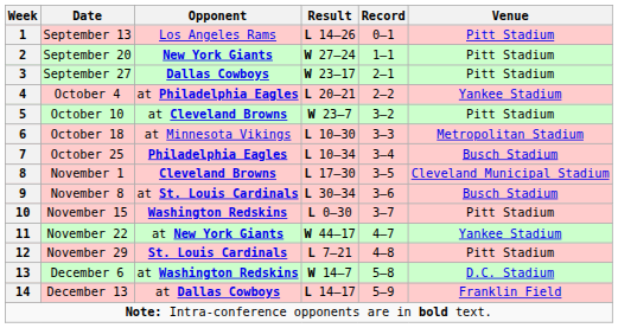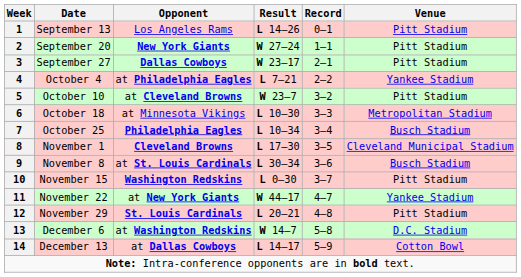 <table class="wikitable" style="text-align:center">
 <tr>
 <th>Week</th>
 <th>Date</th>
 <th>Opponent</th>
 <th>Result</th>
 <th>Record</th>
 <th>Venue</th>
 </tr>
 <tr style="background:#fcc">
 <th>1</th>
 <td>September 13</td>
 <td><a href='#'>Los Angeles Rams</a></td>
 <td><strong>L</strong> 14–26</td>
 <td>0–1</td>
 <td><a href='#'>Pitt Stadium</a></td>
 </tr>
 <tr style="background:#cfc">
 <th>2</th>
 <td>September 20</td>
 <td><strong><a href='#'>New York Giants</a></strong></td>
 <td><strong>W</strong> 27–24</td>
 <td>1–1</td>
 <td>Pitt Stadium</td>
 </tr>
 <tr style="background:#cfc">
 <th>3</th>
 <td>September 27</td>
 <td><strong><a href='#'>Dallas Cowboys</a></strong></td>
 <td><strong>W</strong> 23–17</td>
 <td>2–1</td>
 <td>Pitt Stadium</td>
 </tr>
 <tr style="background:#fcc">
 <th>4</th>
 <td>October 4</td>
 <td>at <strong><a href='#'>Philadelphia Eagles</a></strong></td>
-<td><strong>L</strong> 20–21</td>
+<td><strong>L</strong> 7–21</td>
 <td>2–2</td>
 <td><a href='#'>Yankee Stadium</a></td>
 </tr>
 <tr style="background:#cfc">
 <th>5</th>
 <td>October 10</td>
 <td>at <strong><a href='#'>Cleveland Browns</a></strong></td>
 <td><strong>W</strong> 23–7</td>
 <td>3–2</td>
 <td>Pitt Stadium</td>
 </tr>
 <tr style="background:#fcc">
 <th>6</th>
 <td>October 18</td>
 <td>at <a href='#'>Minnesota Vikings</a></td>
 <td><strong>L</strong> 10–30</td>
 <td>3–3</td>
 <td><a href='#'>Metropolitan Stadium</a></td>
 </tr>
 <tr style="background:#fcc">
 <th>7</th>
 <td>October 25</td>
 <td><strong><a href='#'>Philadelphia Eagles</a></strong></td>
 <td><strong>L</strong> 10–34</td>
 <td>3–4</td>
 <td><a href='#'>Busch Stadium</a></td>
 </tr>
 <tr style="background:#fcc">
 <th>8</th>
 <td>November 1</td>
 <td><strong><a href='#'>Cleveland Browns</a></strong></td>
 <td><strong>L</strong> 17–30</td>
 <td>3–5</td>
 <td><a href='#'>Cleveland Municipal Stadium</a></td>
 </tr>
 <tr style="background:#fcc">
 <th>9</th>
 <td>November 8</td>
 <td>at <strong><a href='#'>St. Louis Cardinals</a></strong></td>
 <td><strong>L</strong> 30–34</td>
 <td>3–6</td>
 <td><a href='#'>Busch Stadium</a></td>
 </tr>
 <tr style="background:#fcc">
 <th>10</th>
 <td>November 15</td>
 <td><strong><a href='#'>Washington Redskins</a></strong></td>
 <td><strong>L</strong> 0–30</td>
 <td>3–7</td>
 <td>Pitt Stadium</td>
 </tr>
 <tr style="background:#cfc">
 <th>11</th>
 <td>November 22</td>
 <td>at <strong><a href='#'>New York Giants</a></strong></td>
 <td><strong>W</strong> 44–17</td>
 <td>4–7</td>
 <td><a href='#'>Yankee Stadium</a></td>
 </tr>
 <tr style="background:#fcc">
 <th>12</th>
 <td>November 29</td>
 <td><strong><a href='#'>St. Louis Cardinals</a></strong></td>
-<td><strong>L</strong> 7–21</td>
+<td><strong>L</strong> 20–21</td>
 <td>4–8</td>
 <td>Pitt Stadium</td>
 </tr>
 <tr style="background:#cfc">
 <th>13</th>
 <td>December 6</td>
 <td>at <strong><a href='#'>Washington Redskins</a></strong></td>
 <td><strong>W</strong> 14–7</td>
 <td>5–8</td>
 <td><a href='#'>D.C. Stadium</a></td>
 </tr>
 <tr style="background:#fcc">
 <th>14</th>
 <td>December 13</td>
 <td>at <strong><a href='#'>Dallas Cowboys</a></strong></td>
 <td><strong>L</strong> 14–17</td>
 <td>5–9</td>
-<td><a href='#'>Franklin Field</a></td>
+<td><a href='#'>Cotton Bowl</a></td>
 </tr>
 <tr>
 <td colspan="8"><strong>Note:</strong> Intra-conference opponents are in <strong>bold</strong> text.</td>
 </tr>
 </table>
